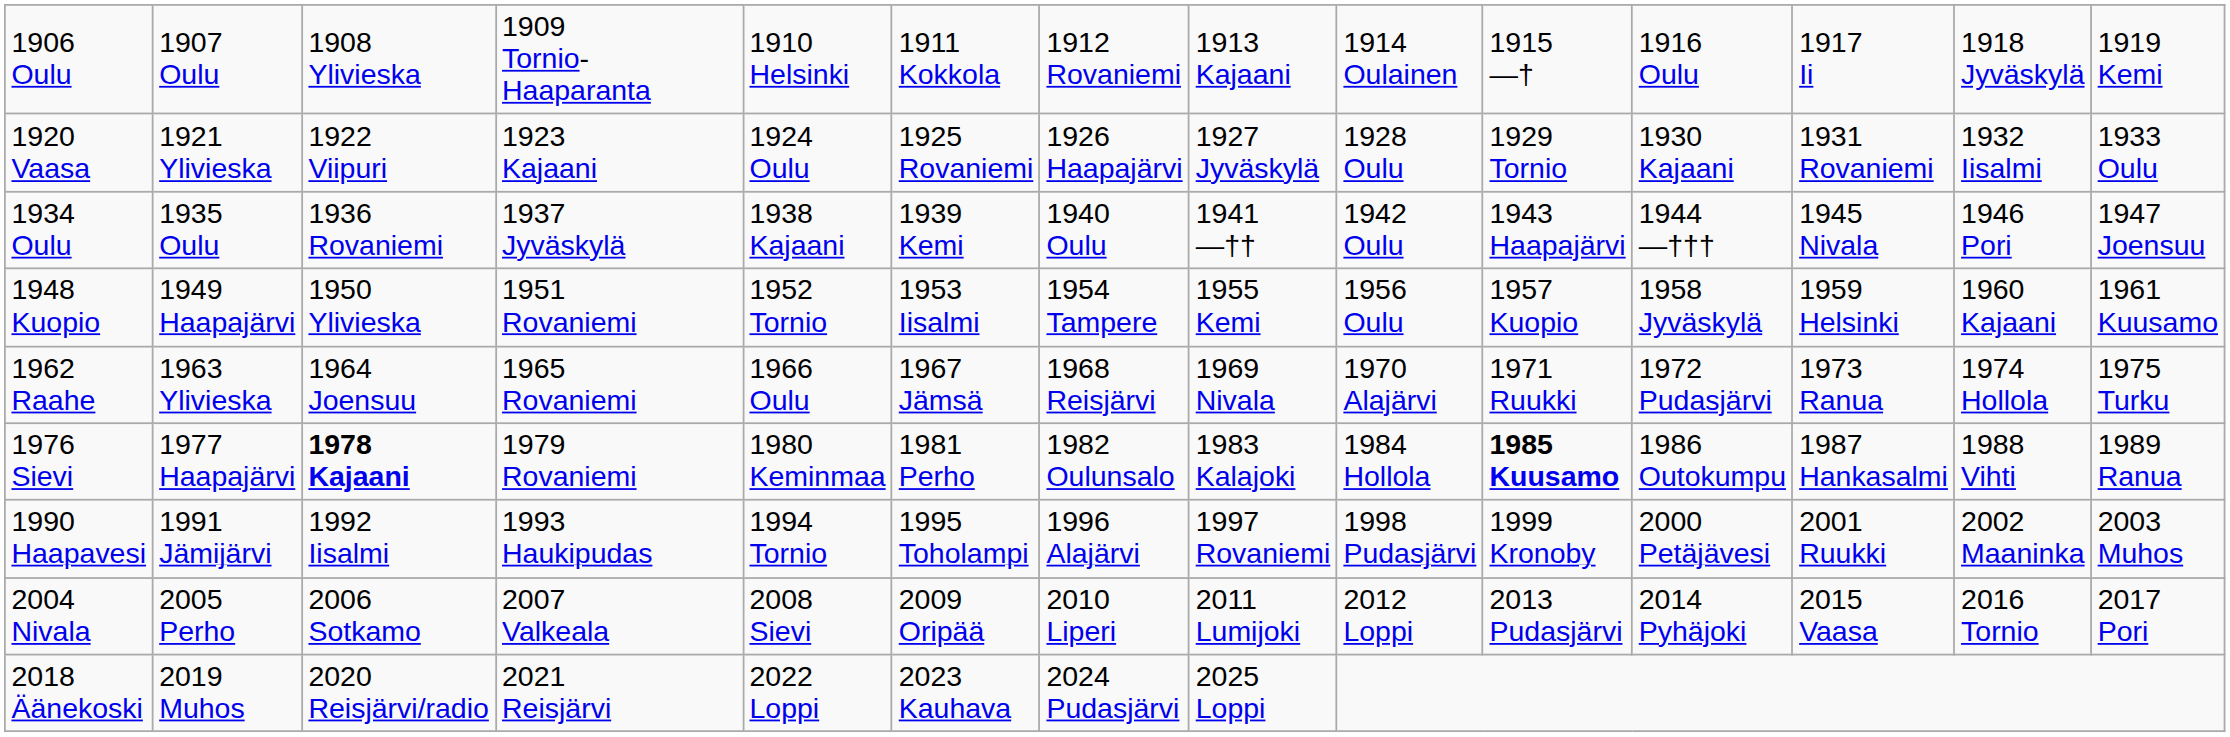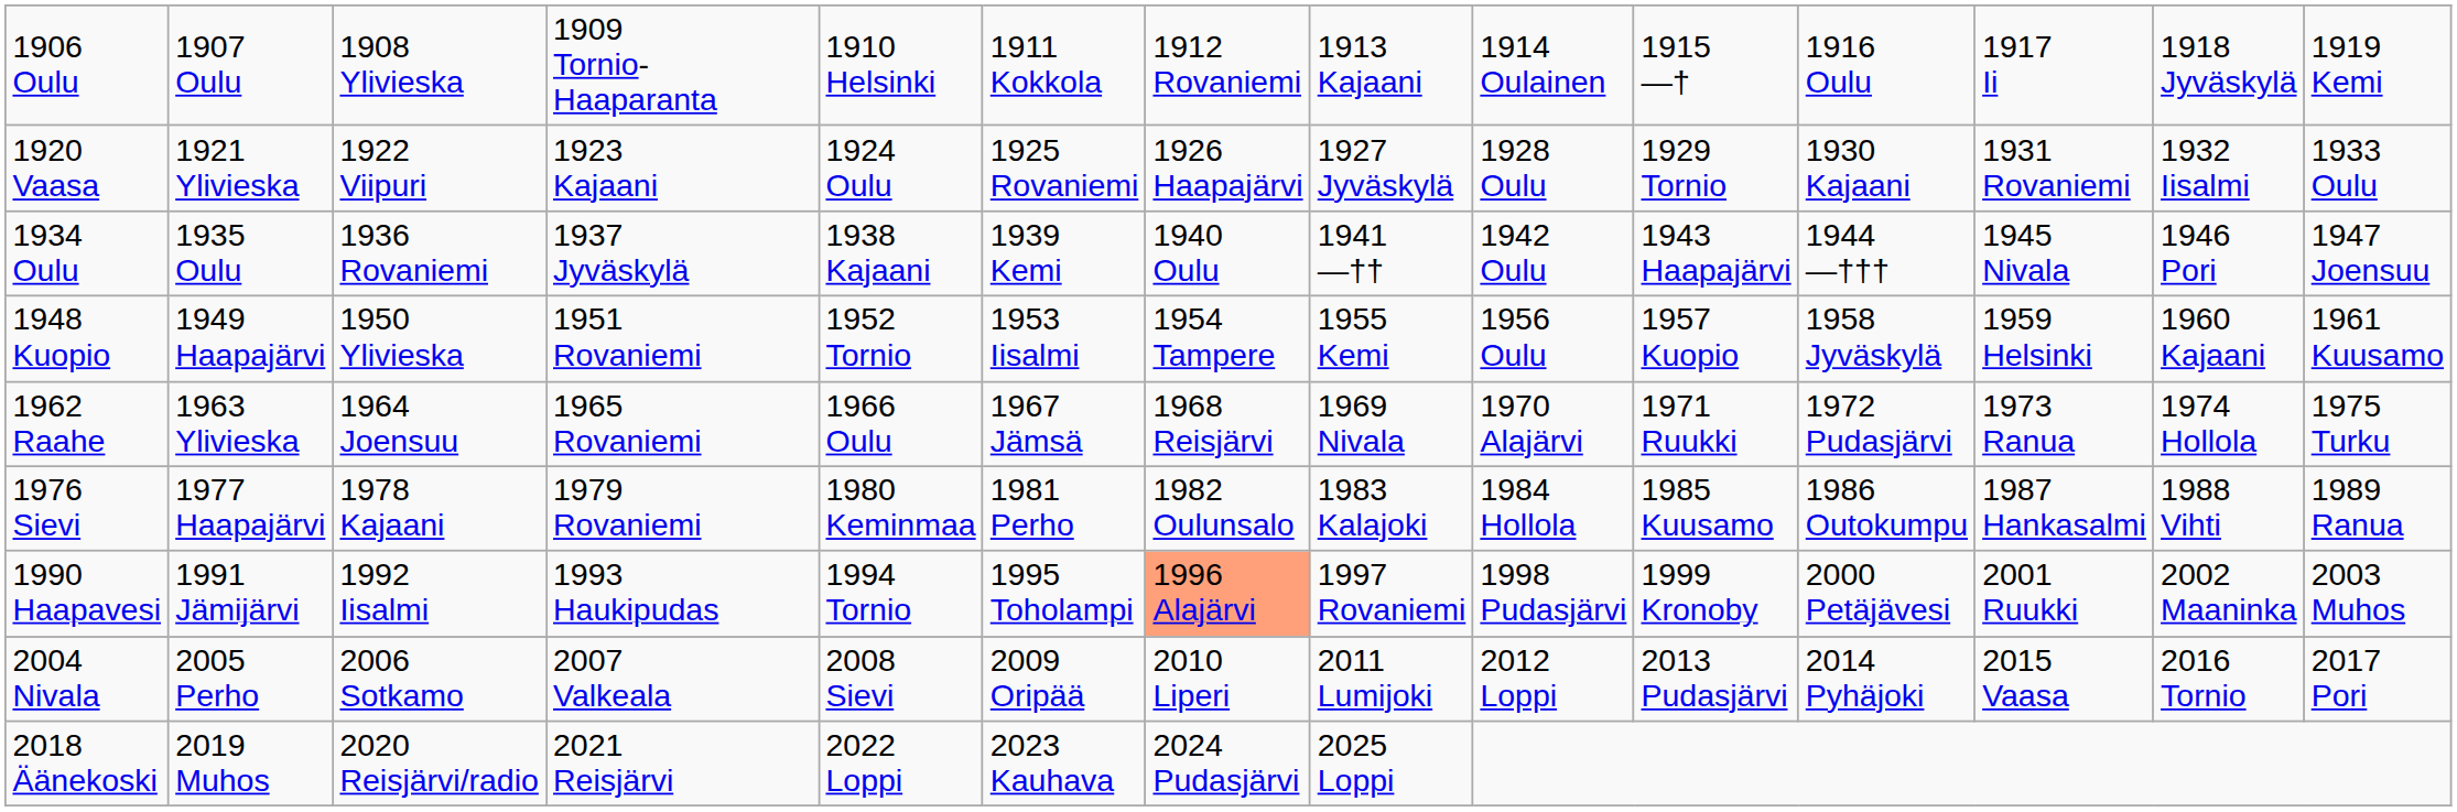 <table class="wikitable"  border="1">
 <tr>
 <td>1906<br> <a href='#'>Oulu</a></td>
 <td>1907<br> <a href='#'>Oulu</a></td>
 <td>1908<br> <a href='#'>Ylivieska</a></td>
 <td>1909<br> <a href='#'>Tornio</a>-<a href='#'>Haaparanta</a></td>
 <td>1910<br> <a href='#'>Helsinki</a></td>
 <td>1911<br> <a href='#'>Kokkola</a></td>
 <td>1912<br> <a href='#'>Rovaniemi</a></td>
 <td>1913<br> <a href='#'>Kajaani</a></td>
 <td>1914<br> <a href='#'>Oulainen</a></td>
 <td>1915 <br> —†</td>
 <td>1916<br> <a href='#'>Oulu</a></td>
 <td>1917<br> <a href='#'>Ii</a></td>
 <td>1918<br> <a href='#'>Jyväskylä</a></td>
 <td>1919<br> <a href='#'>Kemi</a></td>
 </tr>
 <tr>
 <td>1920<br> <a href='#'>Vaasa</a></td>
 <td>1921<br> <a href='#'>Ylivieska</a></td>
 <td>1922<br> <a href='#'>Viipuri</a></td>
 <td>1923<br> <a href='#'>Kajaani</a></td>
 <td>1924<br> <a href='#'>Oulu</a></td>
 <td>1925<br> <a href='#'>Rovaniemi</a></td>
 <td>1926<br> <a href='#'>Haapajärvi</a></td>
 <td>1927<br> <a href='#'>Jyväskylä</a></td>
 <td>1928<br> <a href='#'>Oulu</a></td>
 <td>1929<br> <a href='#'>Tornio</a></td>
 <td>1930<br> <a href='#'>Kajaani</a></td>
 <td>1931<br> <a href='#'>Rovaniemi</a></td>
 <td>1932<br> <a href='#'>Iisalmi</a></td>
 <td>1933<br> <a href='#'>Oulu</a></td>
 </tr>
 <tr>
 <td>1934<br> <a href='#'>Oulu</a></td>
 <td>1935<br> <a href='#'>Oulu</a></td>
 <td>1936<br> <a href='#'>Rovaniemi</a></td>
 <td>1937<br> <a href='#'>Jyväskylä</a></td>
 <td>1938<br> <a href='#'>Kajaani</a></td>
 <td>1939<br> <a href='#'>Kemi</a></td>
 <td>1940<br> <a href='#'>Oulu</a></td>
 <td>1941<br>—††</td>
 <td>1942<br> <a href='#'>Oulu</a></td>
 <td>1943<br> <a href='#'>Haapajärvi</a></td>
 <td>1944<br>—†††</td>
 <td>1945<br> <a href='#'>Nivala</a></td>
 <td>1946<br> <a href='#'>Pori</a></td>
 <td>1947<br> <a href='#'>Joensuu</a></td>
 </tr>
 <tr>
 <td>1948<br> <a href='#'>Kuopio</a></td>
 <td>1949<br> <a href='#'>Haapajärvi</a></td>
 <td>1950<br> <a href='#'>Ylivieska</a></td>
 <td>1951<br> <a href='#'>Rovaniemi</a></td>
 <td>1952<br> <a href='#'>Tornio</a></td>
 <td>1953<br> <a href='#'>Iisalmi</a></td>
 <td>1954<br> <a href='#'>Tampere</a></td>
 <td>1955<br> <a href='#'>Kemi</a></td>
 <td>1956<br> <a href='#'>Oulu</a></td>
 <td>1957<br> <a href='#'>Kuopio</a></td>
 <td>1958<br> <a href='#'>Jyväskylä</a></td>
 <td>1959<br> <a href='#'>Helsinki</a></td>
 <td>1960<br> <a href='#'>Kajaani</a></td>
 <td>1961<br> <a href='#'>Kuusamo</a></td>
 </tr>
 <tr>
 <td>1962<br> <a href='#'>Raahe</a></td>
 <td>1963<br> <a href='#'>Ylivieska</a></td>
 <td>1964<br> <a href='#'>Joensuu</a></td>
 <td>1965<br> <a href='#'>Rovaniemi</a></td>
 <td>1966<br> <a href='#'>Oulu</a></td>
 <td>1967<br> <a href='#'>Jämsä</a></td>
 <td>1968<br> <a href='#'>Reisjärvi</a></td>
 <td>1969<br> <a href='#'>Nivala</a></td>
 <td>1970<br> <a href='#'>Alajärvi</a></td>
 <td>1971<br> <a href='#'>Ruukki</a></td>
 <td>1972<br> <a href='#'>Pudasjärvi</a></td>
 <td>1973<br> <a href='#'>Ranua</a></td>
 <td>1974<br> <a href='#'>Hollola</a></td>
 <td>1975<br> <a href='#'>Turku</a></td>
 </tr>
 <tr>
 <td>1976<br> <a href='#'>Sievi</a></td>
 <td>1977<br> <a href='#'>Haapajärvi</a></td>
-<td><strong>1978<br> <a href='#'>Kajaani</a></strong></td>
+<td>1978<br> <a href='#'>Kajaani</a></td>
 <td>1979<br> <a href='#'>Rovaniemi</a></td>
 <td>1980<br> <a href='#'>Keminmaa</a></td>
 <td>1981<br> <a href='#'>Perho</a></td>
 <td>1982<br> <a href='#'>Oulunsalo</a></td>
 <td>1983<br> <a href='#'>Kalajoki</a></td>
 <td>1984<br> <a href='#'>Hollola</a></td>
-<td><strong>1985<br> <a href='#'>Kuusamo</a></strong></td>
+<td>1985<br> <a href='#'>Kuusamo</a></td>
 <td>1986<br> <a href='#'>Outokumpu</a></td>
 <td>1987<br> <a href='#'>Hankasalmi</a></td>
 <td>1988<br> <a href='#'>Vihti</a></td>
 <td>1989<br> <a href='#'>Ranua</a></td>
 </tr>
 <tr>
 <td>1990<br> <a href='#'>Haapavesi</a></td>
 <td>1991<br> <a href='#'>Jämijärvi</a></td>
 <td>1992<br> <a href='#'>Iisalmi</a></td>
 <td>1993<br> <a href='#'>Haukipudas</a></td>
 <td>1994<br> <a href='#'>Tornio</a></td>
 <td>1995<br> <a href='#'>Toholampi</a></td>
-<td>1996<br> <a href='#'>Alajärvi</a></td>
+<td style="background: lightsalmon;">1996<br> <a href='#'>Alajärvi</a></td>
 <td>1997<br> <a href='#'>Rovaniemi</a></td>
 <td>1998<br> <a href='#'>Pudasjärvi</a></td>
 <td>1999<br> <a href='#'>Kronoby</a></td>
 <td>2000<br> <a href='#'>Petäjävesi</a></td>
 <td>2001<br> <a href='#'>Ruukki</a></td>
 <td>2002<br> <a href='#'>Maaninka</a></td>
 <td>2003<br> <a href='#'>Muhos</a></td>
 </tr>
 <tr>
 <td>2004<br> <a href='#'>Nivala</a></td>
 <td>2005<br> <a href='#'>Perho</a></td>
 <td>2006<br> <a href='#'>Sotkamo</a></td>
 <td>2007<br> <a href='#'>Valkeala</a></td>
 <td>2008<br> <a href='#'>Sievi</a></td>
 <td>2009<br> <a href='#'>Oripää</a></td>
 <td>2010<br> <a href='#'>Liperi</a></td>
 <td>2011<br> <a href='#'>Lumijoki</a></td>
 <td>2012<br> <a href='#'>Loppi</a></td>
 <td>2013<br> <a href='#'>Pudasjärvi</a></td>
 <td>2014<br> <a href='#'>Pyhäjoki</a></td>
 <td>2015<br> <a href='#'>Vaasa</a></td>
 <td>2016<br> <a href='#'>Tornio</a></td>
 <td>2017<br> <a href='#'>Pori</a></td>
 </tr>
 <tr>
 <td>2018<br> <a href='#'>Äänekoski</a></td>
 <td>2019<br> <a href='#'>Muhos</a></td>
 <td>2020<br> <a href='#'>Reisjärvi/radio</a></td>
 <td>2021 <br><a href='#'>Reisjärvi</a></td>
 <td>2022 <br> <a href='#'>Loppi</a></td>
 <td>2023 <br> <a href='#'>Kauhava</a></td>
 <td>2024 <br><a href='#'>Pudasjärvi</a></td>
 <td>2025 <br> <a href='#'>Loppi</a></td>
 </tr>
 </table>
